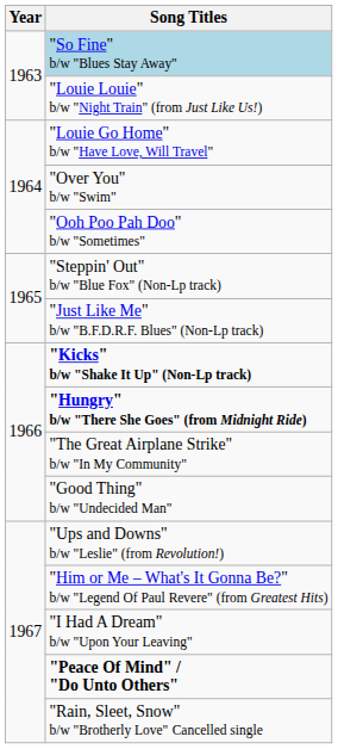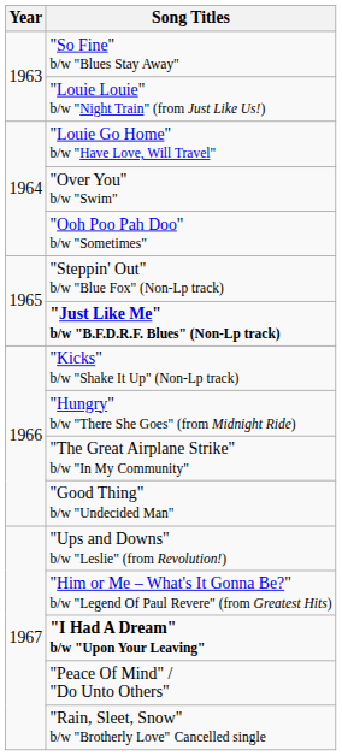 <table class="wikitable">
 <tr>
 <th>Year</th>
 <th>Song Titles</th>
 </tr>
 <tr>
 <td rowspan="2">1963</td>
-<td style="background: lightblue;">"<a href='#'>So Fine</a>"<br><small>b/w "Blues Stay Away"</small></td>
+<td>"<a href='#'>So Fine</a>"<br><small>b/w "Blues Stay Away"</small></td>
 </tr>
 <tr>
 <td>"<a href='#'>Louie Louie</a>"<br><small>b/w "<a href='#'>Night Train</a>" (from <em>Just Like Us!</em>)</small></td>
 </tr>
 <tr>
 <td rowspan="3">1964</td>
 <td>"<a href='#'>Louie Go Home</a>"<br><small>b/w "<a href='#'>Have Love, Will Travel</a>"</small></td>
 </tr>
 <tr>
 <td>"Over You"<br><small>b/w "Swim"</small></td>
 </tr>
 <tr>
 <td>"<a href='#'>Ooh Poo Pah Doo</a>"<br><small>b/w "Sometimes"</small></td>
 </tr>
 <tr>
 <td rowspan="2">1965</td>
 <td>"Steppin' Out"<br><small>b/w "Blue Fox" (Non-Lp track)</small></td>
 </tr>
 <tr>
-<td>"<a href='#'>Just Like Me</a>"<br><small>b/w "B.F.D.R.F. Blues" (Non-Lp track)</small></td>
+<td><strong>"<a href='#'>Just Like Me</a>"<br><small>b/w "B.F.D.R.F. Blues" (Non-Lp track)</small></strong></td>
 </tr>
 <tr>
 <td rowspan="4">1966</td>
-<td><strong>"<a href='#'>Kicks</a>"<br><small>b/w "Shake It Up" (Non-Lp track)</small></strong></td>
+<td>"<a href='#'>Kicks</a>"<br><small>b/w "Shake It Up" (Non-Lp track)</small></td>
 </tr>
 <tr>
-<td><strong>"<a href='#'>Hungry</a>"<br><small>b/w "There She Goes" (from <em>Midnight Ride</em>)</small></strong></td>
+<td>"<a href='#'>Hungry</a>"<br><small>b/w "There She Goes" (from <em>Midnight Ride</em>)</small></td>
 </tr>
 <tr>
 <td>"The Great Airplane Strike"<br><small>b/w "In My Community"</small></td>
 </tr>
 <tr>
 <td>"Good Thing"<br><small>b/w "Undecided Man"</small></td>
 </tr>
 <tr>
 <td rowspan="5">1967</td>
 <td>"Ups and Downs"<br><small>b/w "Leslie" (from <em>Revolution!</em>)</small></td>
 </tr>
 <tr>
 <td>"<a href='#'>Him or Me – What's It Gonna Be?</a>"<br><small>b/w "Legend Of Paul Revere" (from <em>Greatest Hits</em>)</small></td>
 </tr>
 <tr>
-<td>"I Had A Dream"<br><small>b/w "Upon Your Leaving"</small></td>
+<td><strong>"I Had A Dream"<br><small>b/w "Upon Your Leaving"</small></strong></td>
 </tr>
 <tr>
-<td><strong>"Peace Of Mind" /<br>"Do Unto Others"</strong></td>
+<td>"Peace Of Mind" /<br>"Do Unto Others"</td>
 </tr>
 <tr>
 <td>"Rain, Sleet, Snow"<br><small>b/w "Brotherly Love"</small> <small>Cancelled single</small></td>
 </tr>
 </table>
